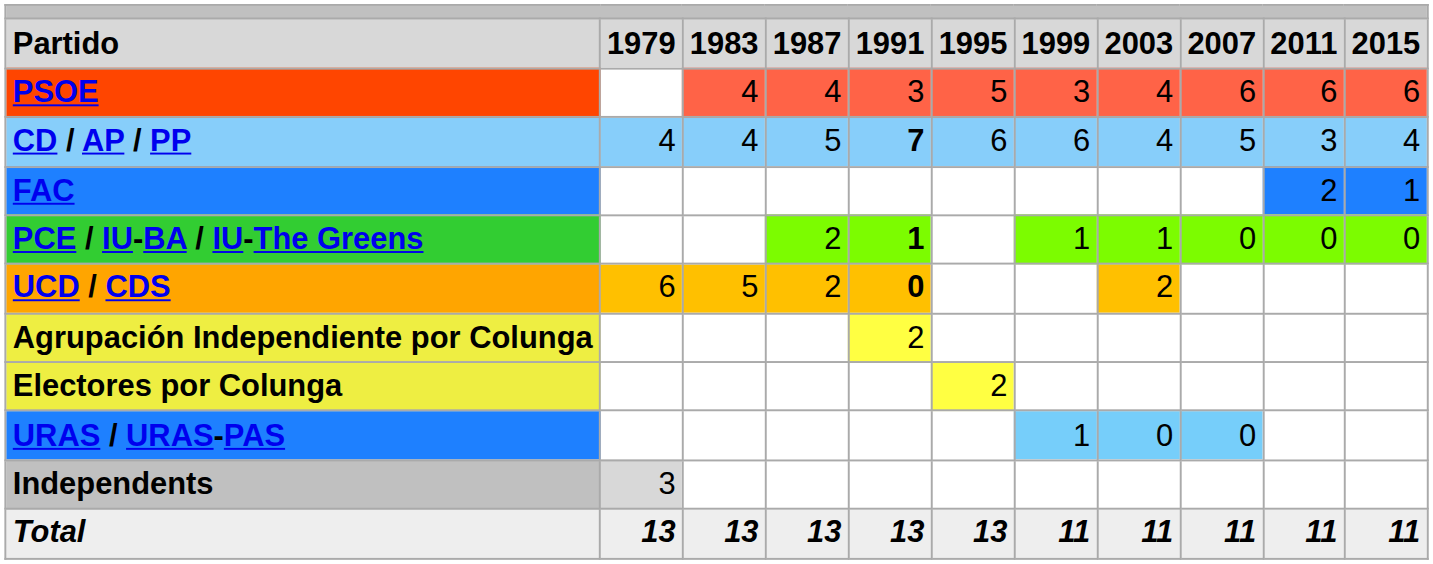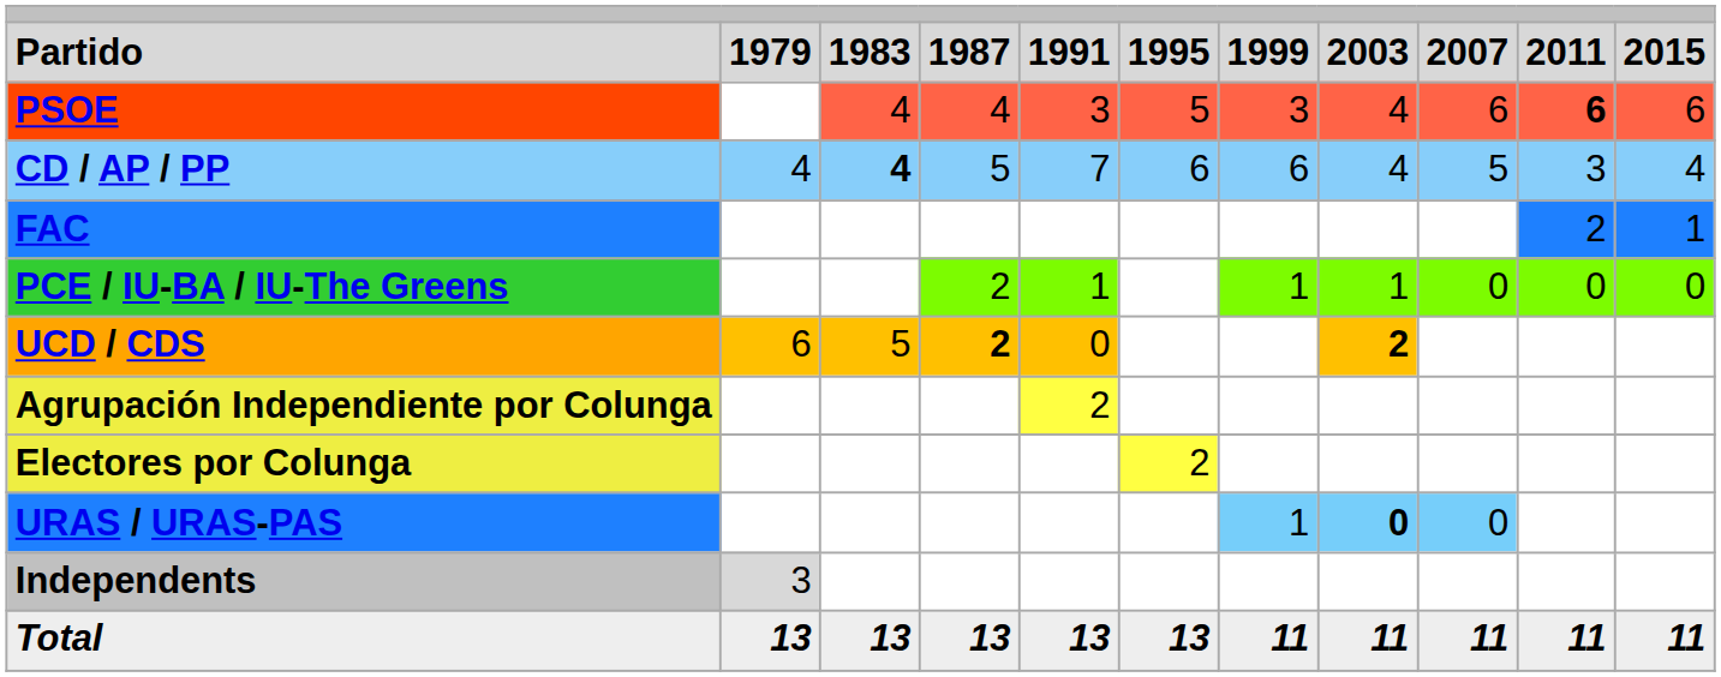 <table class="wikitable" style="margin:0 auto">
 <tr>
 <td colspan="11" width="600px" bgcolor="#C0C0C0"></td>
 </tr>
 <tr bgcolor="#D8D8D8">
 <td><strong>Partido</strong></td>
 <td align="right"><strong>1979</strong></td>
 <td align="right"><strong>1983</strong></td>
 <td align="right"><strong>1987</strong></td>
 <td align="right"><strong>1991</strong></td>
 <td align="right"><strong>1995</strong></td>
 <td align="right"><strong>1999</strong></td>
 <td align="right"><strong>2003</strong></td>
 <td align="right"><strong>2007</strong></td>
 <td align="right"><strong>2011</strong></td>
 <td align="right"><strong>2015</strong></td>
 </tr>
 <tr>
 <td bgcolor="#FF4500"><strong><a href='#'>PSOE</a></strong></td>
 <td bgcolor="#FFFFFF" align="right"></td>
 <td bgcolor="#FF6347" align="right">4</td>
 <td bgcolor="#FF6347" align="right">4</td>
 <td bgcolor="#FF6347" align="right">3</td>
 <td bgcolor="#FF6347" align="right">5</td>
 <td bgcolor="#FF6347" align="right">3</td>
 <td bgcolor="#FF6347" align="right">4</td>
 <td bgcolor="#FF6347" align="right">6</td>
-<td bgcolor="#FF6347" align="right">6</td>
+<td bgcolor="#FF6347" align="right"><strong>6</strong></td>
 <td bgcolor="#FF6347" align="right">6</td>
 </tr>
 <tr>
 <td bgcolor="#87CEFA"><strong><a href='#'>CD</a> / <a href='#'>AP</a> / <a href='#'>PP</a></strong></td>
 <td bgcolor="#87CEFA" align="right">4</td>
-<td bgcolor="#87CEFA" align="right">4</td>
+<td bgcolor="#87CEFA" align="right"><strong>4</strong></td>
 <td bgcolor="#87CEFA" align="right">5</td>
-<td bgcolor="#87CEFA" align="right"><strong>7</strong></td>
+<td bgcolor="#87CEFA" align="right">7</td>
 <td bgcolor="#87CEFA" align="right">6</td>
 <td bgcolor="#87CEFA" align="right">6</td>
 <td bgcolor="#87CEFA" align="right">4</td>
 <td bgcolor="#87CEFA" align="right">5</td>
 <td bgcolor="#87CEFA" align="right">3</td>
 <td bgcolor="#87CEFA" align="right">4</td>
 </tr>
 <tr>
 <td bgcolor="#1E80FF"><strong><a href='#'>FAC</a></strong></td>
 <td bgcolor="#FFFFFF" align="right"></td>
 <td bgcolor="#FFFFFF" align="right"></td>
 <td bgcolor="#FFFFFF" align="right"></td>
 <td bgcolor="#FFFFFF" align="right"></td>
 <td bgcolor="#FFFFFF" align="right"></td>
 <td bgcolor="#FFFFFF" align="right"></td>
 <td bgcolor="#FFFFFF" align="right"></td>
 <td bgcolor="#FFFFFF" align="right"></td>
 <td bgcolor="#1E80FF" align="right">2</td>
 <td bgcolor="#1E80FF" align="right">1</td>
 </tr>
 <tr>
 <td bgcolor="#32CD32"><strong><a href='#'>PCE</a> / <a href='#'>IU</a>-<a href='#'>BA</a> / <a href='#'>IU</a>-<a href='#'>The Greens</a></strong></td>
 <td bgcolor="#FFFFFF" align="right"></td>
 <td bgcolor="#FFFFFF" align="right"></td>
 <td bgcolor="#7CFC00" align="right">2</td>
-<td bgcolor="#7CFC00" align="right"><strong>1</strong></td>
+<td bgcolor="#7CFC00" align="right">1</td>
 <td bgcolor="#FFFFFF" align="right"></td>
 <td bgcolor="#7CFC00" align="right">1</td>
 <td bgcolor="#7CFC00" align="right">1</td>
 <td bgcolor="#7CFC00" align="right">0</td>
 <td bgcolor="#7CFC00" align="right">0</td>
 <td bgcolor="#7CFC00" align="right">0</td>
 </tr>
 <tr>
 <td bgcolor="#FFA500"><strong><a href='#'>UCD</a> / <a href='#'>CDS</a></strong></td>
 <td bgcolor="#FFC000" align="right">6</td>
 <td bgcolor="#FFC000" align="right">5</td>
-<td bgcolor="#FFC000" align="right">2</td>
-<td bgcolor="#FFC000" align="right"><strong>0</strong></td>
+<td bgcolor="#FFC000" align="right"><strong>2</strong></td>
+<td bgcolor="#FFC000" align="right">0</td>
 <td bgcolor="#FFFFFF" align="right"></td>
 <td bgcolor="#FFFFFF" align="right"></td>
-<td bgcolor="#FFC000" align="right">2</td>
+<td bgcolor="#FFC000" align="right"><strong>2</strong></td>
 <td bgcolor="#FFFFFF" align="right"></td>
 <td bgcolor="#FFFFFF" align="right"></td>
 <td bgcolor="#FFFFFF" align="right"></td>
 </tr>
 <tr>
 <td bgcolor="#EEEE42"><strong>Agrupación Independiente por Colunga</strong></td>
 <td bgcolor="#FFFFFF" align="right"></td>
 <td bgcolor="#FFFFFF" align="right"></td>
 <td bgcolor="#FFFFFF" align="right"></td>
 <td bgcolor="#FFFF42" align="right">2</td>
 <td bgcolor="#FFFFFF" align="right"></td>
 <td bgcolor="#FFFFFF" align="right"></td>
 <td bgcolor="#FFFFFF" align="right"></td>
 <td bgcolor="#FFFFFF" align="right"></td>
 <td bgcolor="#FFFFFF" align="right"></td>
 <td bgcolor="#FFFFFF" align="right"></td>
 </tr>
 <tr>
 <td bgcolor="#EEEE42"><strong>Electores por Colunga</strong></td>
 <td bgcolor="#FFFFFF" align="right"></td>
 <td bgcolor="#FFFFFF" align="right"></td>
 <td bgcolor="#FFFFFF" align="right"></td>
 <td bgcolor="#FFFFFF" align="right"></td>
 <td bgcolor="#FFFF42" align="right">2</td>
 <td bgcolor="#FFFFFF" align="right"></td>
 <td bgcolor="#FFFFFF" align="right"></td>
 <td bgcolor="#FFFFFF" align="right"></td>
 <td bgcolor="#FFFFFF" align="right"></td>
 <td bgcolor="#FFFFFF" align="right"></td>
 </tr>
 <tr>
 <td bgcolor="#1E80FF"><strong><a href='#'>URAS</a> / <a href='#'>URAS</a>-<a href='#'>PAS</a></strong></td>
 <td bgcolor="#FFFFFF" align="right"></td>
 <td bgcolor="#FFFFFF" align="right"></td>
 <td bgcolor="#FFFFFF" align="right"></td>
 <td bgcolor="#FFFFFF" align="right"></td>
 <td bgcolor="#FFFFFF" align="right"></td>
 <td bgcolor="#76CEFA" align="right">1</td>
-<td bgcolor="#76CEFA" align="right">0</td>
+<td bgcolor="#76CEFA" align="right"><strong>0</strong></td>
 <td bgcolor="#76CEFA" align="right">0</td>
 <td bgcolor="#FFFFFF" align="right"></td>
 <td bgcolor="#FFFFFF" align="right"></td>
 </tr>
 <tr>
 <td bgcolor="#C0C0C0"><strong>Independents</strong></td>
 <td bgcolor="#D8D8D8" align="right">3</td>
 <td bgcolor="#FFFFFF" align="right"></td>
 <td bgcolor="#FFFFFF" align="right"></td>
 <td bgcolor="#FFFFFF" align="right"></td>
 <td bgcolor="#FFFFFF" align="right"></td>
 <td bgcolor="#FFFFFF" align="right"></td>
 <td bgcolor="#FFFFFF" align="right"></td>
 <td bgcolor="#FFFFFF" align="right"></td>
 <td bgcolor="#FFFFFF" align="right"></td>
 <td bgcolor="#FFFFFF" align="right"></td>
 </tr>
 <tr bgcolor="#EEEEEE">
 <td><strong><em>Total</em></strong></td>
 <td align="right"><strong><em>13</em></strong></td>
 <td align="right"><strong><em>13</em></strong></td>
 <td align="right"><strong><em>13</em></strong></td>
 <td align="right"><strong><em>13</em></strong></td>
 <td align="right"><strong><em>13</em></strong></td>
 <td align="right"><strong><em>11</em></strong></td>
 <td align="right"><strong><em>11</em></strong></td>
 <td align="right"><strong><em>11</em></strong></td>
 <td align="right"><strong><em>11</em></strong></td>
 <td align="right"><strong><em>11</em></strong></td>
 </tr>
 </table>
